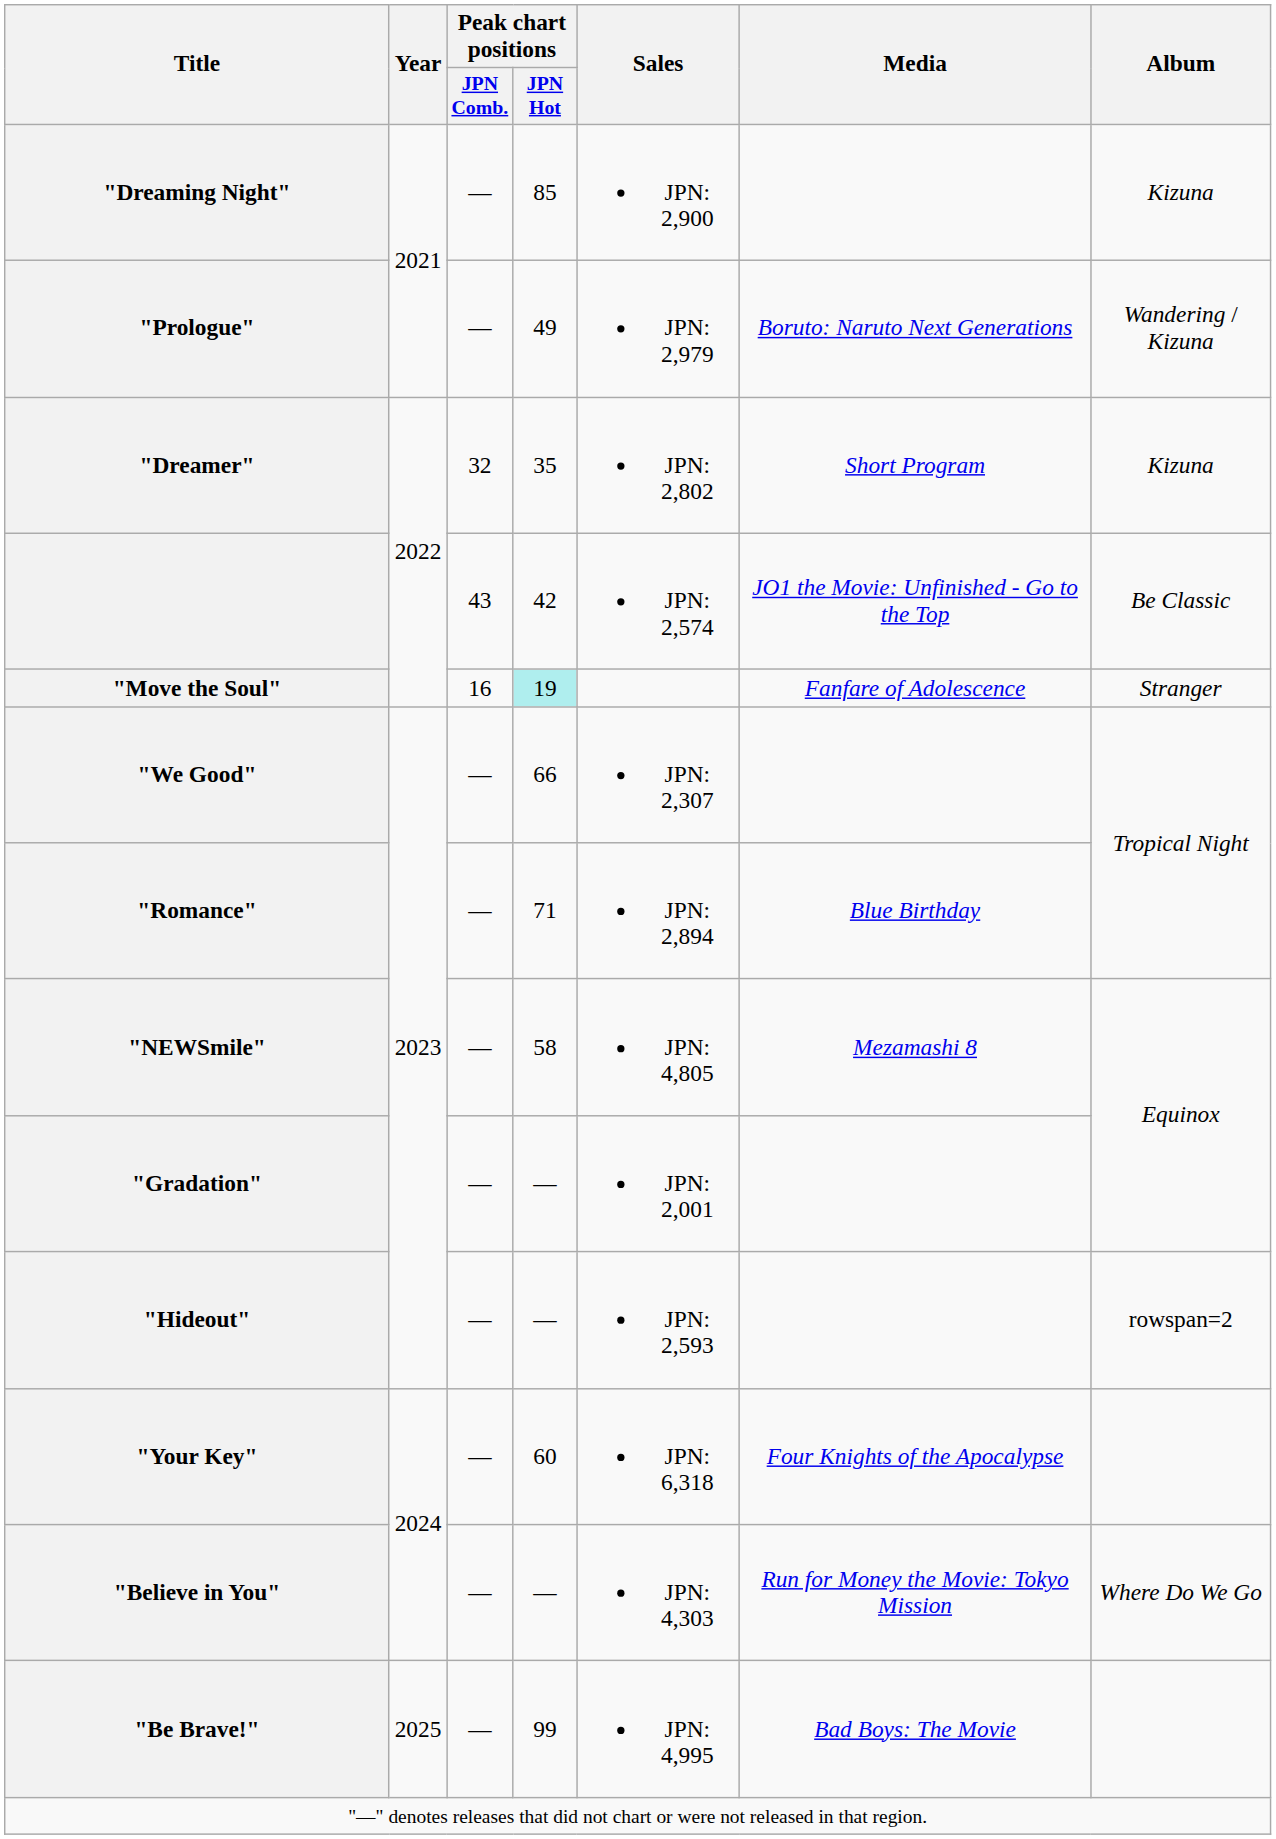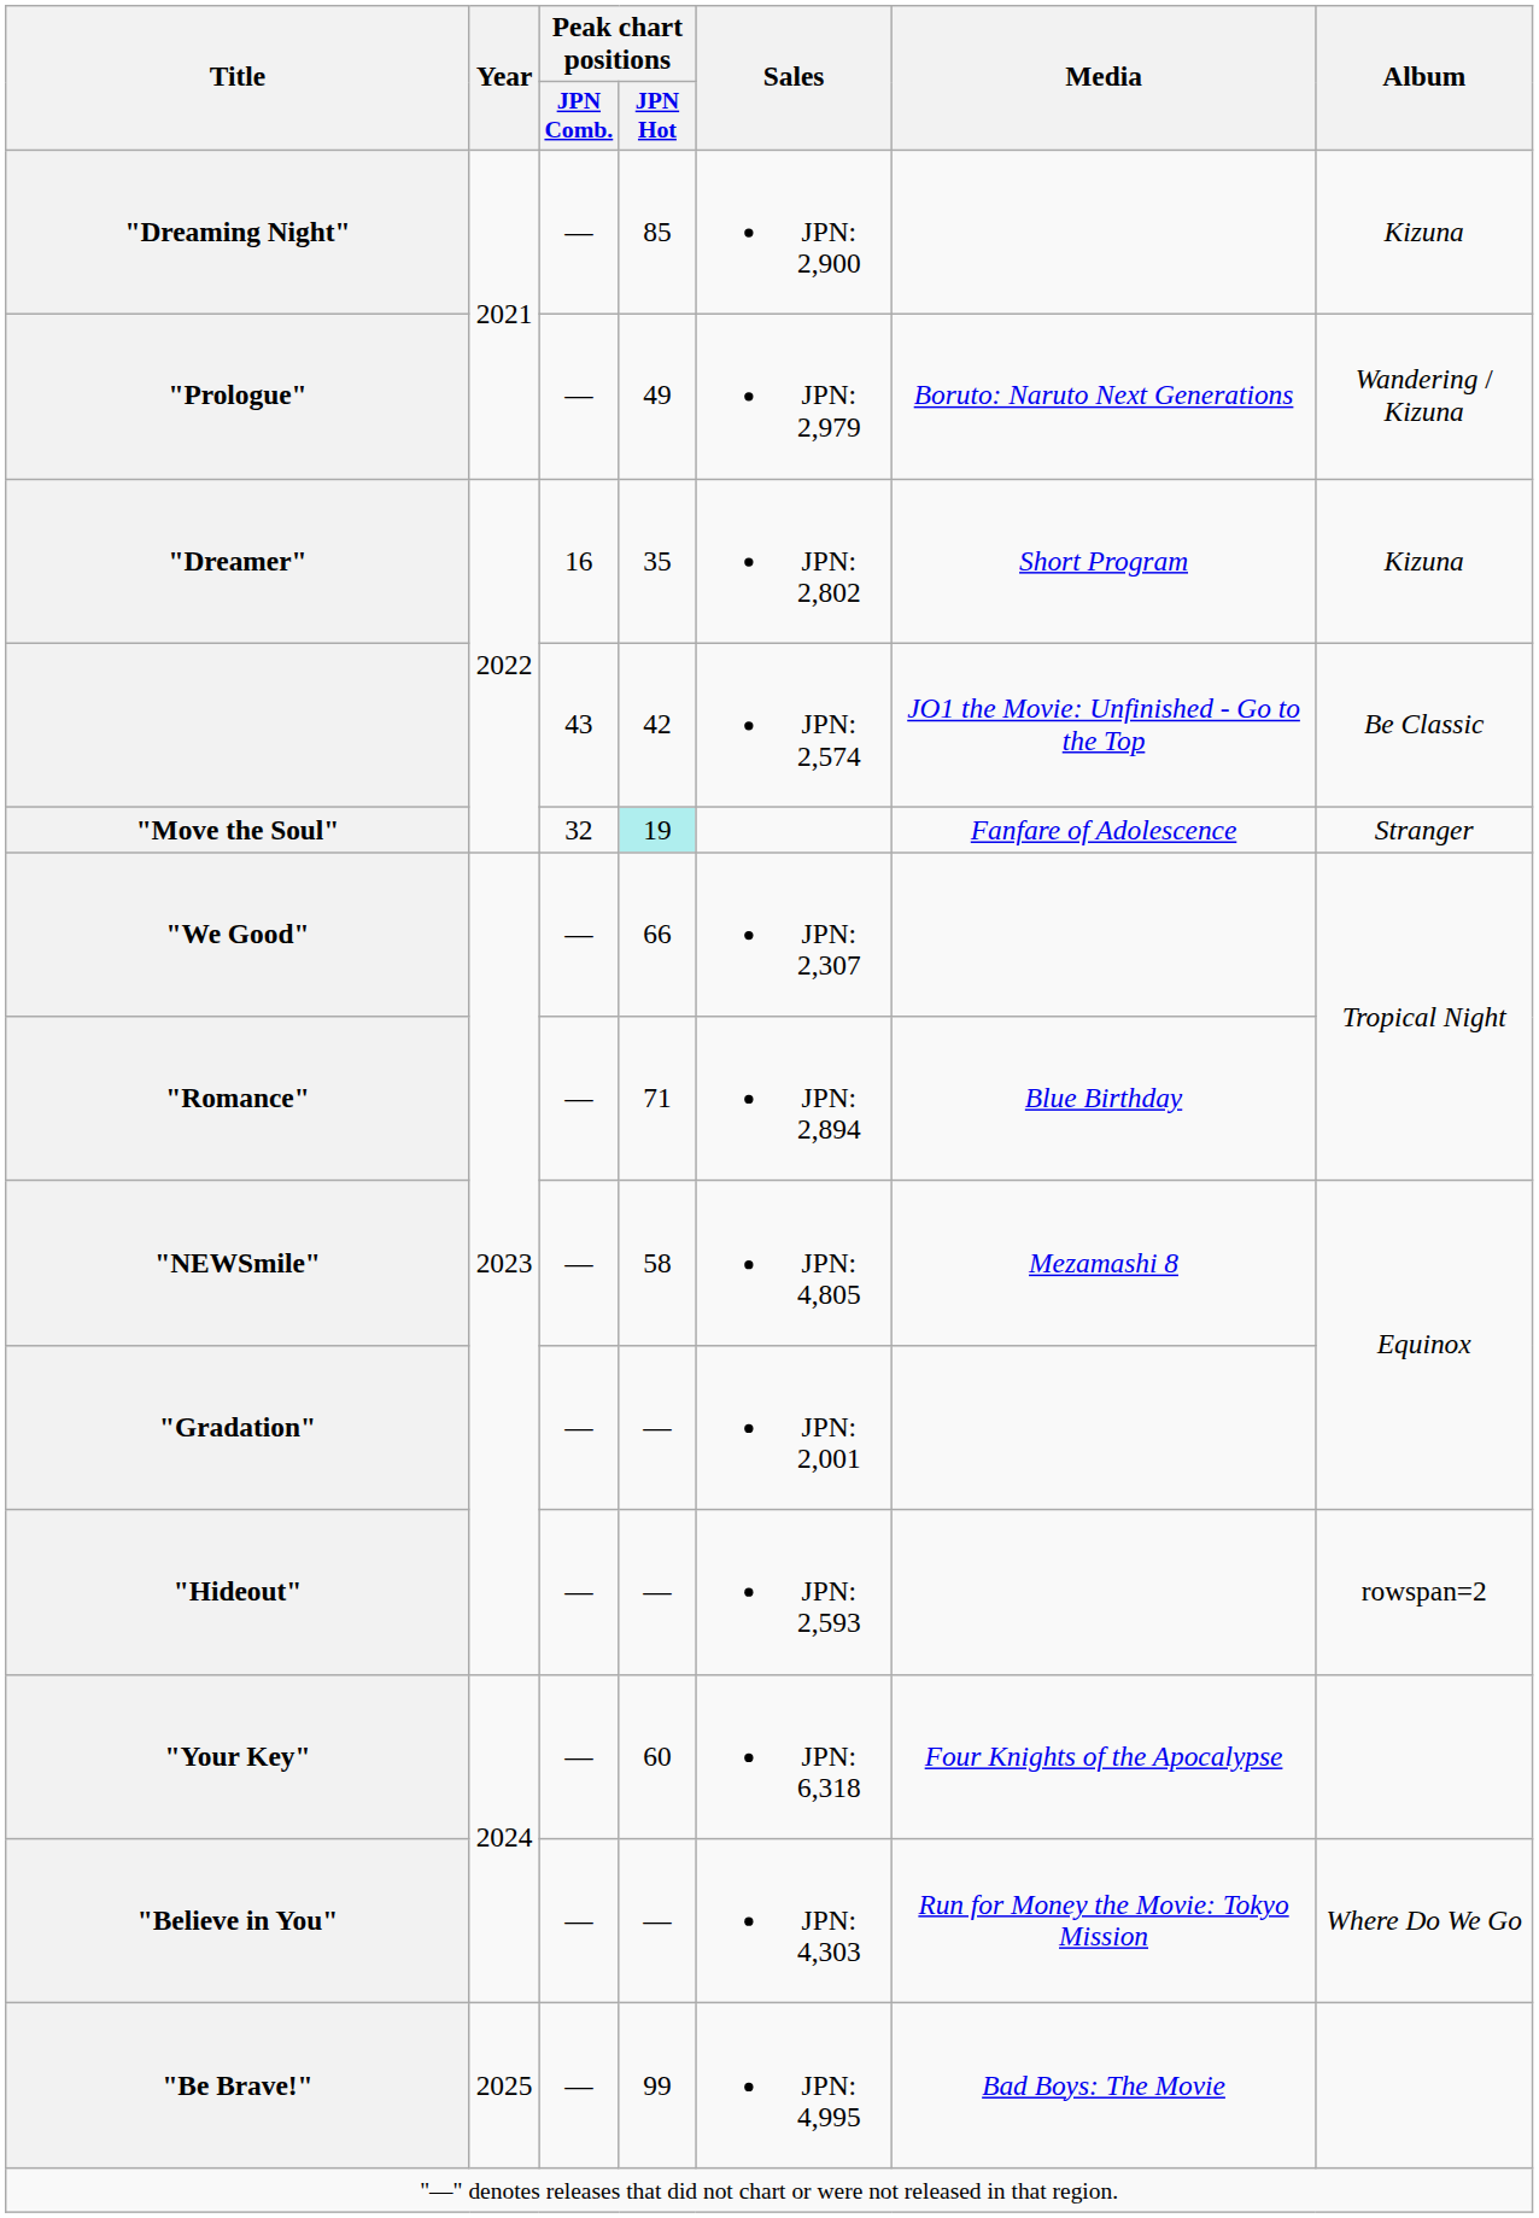 <table class="wikitable plainrowheaders" style="text-align:center;" border="1">
 <tr>
 <th scope="col" style="width:16em;" rowspan="2">Title</th>
 <th scope="col" rowspan="2">Year</th>
 <th scope="col" colspan="2">Peak chart positions</th>
 <th scope="col" rowspan="2">Sales</th>
 <th scope="col" rowspan="2">Media</th>
 <th scope="col" rowspan="2">Album</th>
 </tr>
 <tr>
 <th scope="col" style="width:2.75em;font-size:85%;"><a href='#'>JPN<br>Comb.</a><br></th>
 <th scope="col" style="width:2.75em;font-size:85%;"><a href='#'>JPN<br>Hot</a><br></th>
 </tr>
 <tr>
 <th scope="row">"Dreaming Night"</th>
 <td rowspan="2">2021</td>
 <td>—</td>
 <td>85</td>
 <td><br><ul><li>JPN: 2,900</li></ul></td>
 <td><em></em></td>
 <td style="text-align:center;"><em>Kizuna</em></td>
 </tr>
 <tr>
 <th scope="row">"Prologue"</th>
 <td>—</td>
 <td>49</td>
 <td><br><ul><li>JPN: 2,979</li></ul></td>
 <td><em><a href='#'>Boruto: Naruto Next Generations</a></em></td>
 <td style="text-align:center;"><em>Wandering</em>  / <em>Kizuna</em></td>
 </tr>
 <tr>
 <th scope="row">"Dreamer"</th>
 <td rowspan="3">2022</td>
-<td>32</td>
+<td>16</td>
 <td>35</td>
 <td><br><ul><li>JPN: 2,802</li></ul></td>
 <td><em><a href='#'>Short Program</a></em></td>
 <td style="text-align:center;"><em>Kizuna</em></td>
 </tr>
 <tr>
 <th scope="row"></th>
 <td>43</td>
 <td>42</td>
 <td><br><ul><li>JPN: 2,574</li></ul></td>
 <td><em><a href='#'>JO1 the Movie: Unfinished - Go to the Top</a></em></td>
 <td><em>Be Classic</em></td>
 </tr>
 <tr>
 <th scope="row">"Move the Soul"</th>
-<td>16</td>
+<td>32</td>
 <td style="background: paleturquoise;">19</td>
 <td></td>
 <td><em><a href='#'>Fanfare of Adolescence</a></em></td>
 <td><em>Stranger</em> </td>
 </tr>
 <tr>
 <th scope="row">"We Good"</th>
 <td rowspan=5>2023</td>
 <td>—</td>
 <td>66</td>
 <td><br><ul><li>JPN: 2,307</li></ul></td>
 <td><em></em></td>
 <td rowspan=2><em>Tropical Night</em> </td>
 </tr>
 <tr>
 <th scope="row">"Romance"</th>
 <td>—</td>
 <td>71</td>
 <td><br><ul><li>JPN: 2,894</li></ul></td>
 <td><a href='#'><em>Blue Birthday</em></a></td>
 </tr>
 <tr>
 <th scope="row">"NEWSmile"</th>
 <td>—</td>
 <td>58</td>
 <td><br><ul><li>JPN: 4,805</li></ul></td>
 <td><a href='#'><em>Mezamashi 8</em></a></td>
 <td rowspan=2 style="text-align:center;"><em>Equinox</em></td>
 </tr>
 <tr>
 <th scope="row">"Gradation"</th>
 <td>—</td>
 <td>—</td>
 <td><br><ul><li>JPN: 2,001</li></ul></td>
 <td><em></em></td>
 </tr>
 <tr>
 <th scope="row">"Hideout"</th>
 <td>—</td>
 <td>—</td>
 <td><br><ul><li>JPN: 2,593</li></ul></td>
 <td><em></em></td>
 <td>rowspan=2 </td>
 </tr>
 <tr>
 <th scope="row">"Your Key"</th>
 <td rowspan=2>2024</td>
 <td>—</td>
 <td>60</td>
 <td><br><ul><li>JPN: 6,318</li></ul></td>
 <td><em><a href='#'>Four Knights of the Apocalypse</a></em></td>
 </tr>
 <tr>
 <th scope="row">"Believe in You"</th>
 <td>—</td>
 <td>—</td>
 <td><br><ul><li>JPN: 4,303</li></ul></td>
 <td><em><a href='#'>Run for Money the Movie: Tokyo Mission</a></em></td>
 <td><em>Where Do We Go</em> </td>
 </tr>
 <tr>
 <th scope="row">"Be Brave!"</th>
 <td>2025</td>
 <td>—</td>
 <td>99</td>
 <td><br><ul><li>JPN: 4,995</li></ul></td>
 <td><a href='#'><em>Bad Boys: The Movie</em></a></td>
 <td></td>
 </tr>
 <tr>
 <td colspan="7"><small>"—" denotes releases that did not chart or were not released in that region.</small></td>
 </tr>
 </table>
